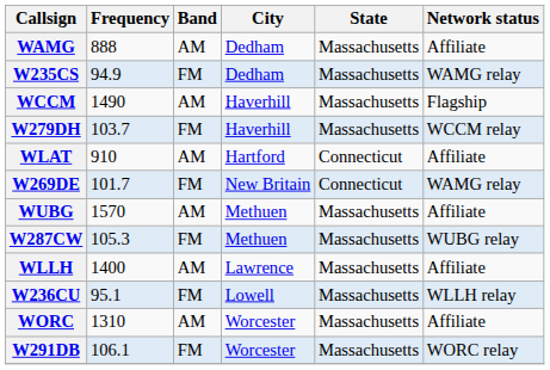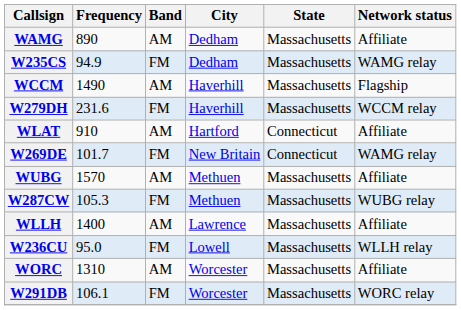 <table class="wikitable sortable">
 <tr>
 <th scope="col">Callsign</th>
 <th scope="col">Frequency</th>
 <th scope="col">Band</th>
 <th scope="col">City</th>
 <th scope="col">State</th>
 <th scope="col">Network status</th>
 </tr>
 <tr>
 <th scope = "row"><a href='#'>WAMG</a></th>
-<td data-sort-value=000890>888</td>
+<td data-sort-value=000890>890</td>
 <td>AM</td>
 <td><a href='#'>Dedham</a></td>
 <td>Massachusetts</td>
 <td>Affiliate</td>
 </tr>
 <tr style="background-color:#DFEBF6;">
 <th scope = "row"><a href='#'>W235CS</a></th>
 <td data-sort-value=094990>94.9</td>
 <td>FM</td>
 <td><a href='#'>Dedham</a></td>
 <td>Massachusetts</td>
 <td>WAMG relay</td>
 </tr>
 <tr>
 <th scope = "row"><a href='#'>WCCM</a></th>
 <td data-sort-value=001490>1490</td>
 <td>AM</td>
 <td><a href='#'>Haverhill</a></td>
 <td>Massachusetts</td>
 <td>Flagship</td>
 </tr>
 <tr style="background-color:#DFEBF6;">
 <th scope = "row"><a href='#'>W279DH</a></th>
-<td data-sort-value=103790>103.7</td>
+<td data-sort-value=103790>231.6</td>
 <td>FM</td>
 <td><a href='#'>Haverhill</a></td>
 <td>Massachusetts</td>
 <td>WCCM relay</td>
 </tr>
 <tr>
 <th scope = "row"><a href='#'>WLAT</a></th>
 <td data-sort-value=000910>910</td>
 <td>AM</td>
 <td><a href='#'>Hartford</a></td>
 <td>Connecticut</td>
 <td>Affiliate</td>
 </tr>
 <tr style="background-color:#DFEBF6;">
 <th scope = "row"><a href='#'>W269DE</a></th>
 <td data-sort-value=101790>101.7</td>
 <td>FM</td>
 <td><a href='#'>New Britain</a></td>
 <td>Connecticut</td>
 <td>WAMG relay</td>
 </tr>
 <tr>
 <th scope = "row"><a href='#'>WUBG</a></th>
 <td data-sort-value=001490>1570</td>
 <td>AM</td>
 <td><a href='#'>Methuen</a></td>
 <td>Massachusetts</td>
 <td>Affiliate</td>
 </tr>
 <tr style="background-color:#DFEBF6;">
 <th scope = "row"><a href='#'>W287CW</a></th>
 <td data-sort-value=103790>105.3</td>
 <td>FM</td>
 <td><a href='#'>Methuen</a></td>
 <td>Massachusetts</td>
 <td>WUBG relay</td>
 </tr>
 <tr>
 <th scope = "row"><a href='#'>WLLH</a></th>
 <td data-sort-value=001400>1400</td>
 <td>AM</td>
 <td><a href='#'>Lawrence</a></td>
 <td>Massachusetts</td>
 <td>Affiliate</td>
 </tr>
 <tr style="background-color:#DFEBF6;">
 <th scope = "row"><a href='#'>W236CU</a></th>
-<td data-sort-value=095190>95.1</td>
+<td data-sort-value=095190>95.0</td>
 <td>FM</td>
 <td><a href='#'>Lowell</a></td>
 <td>Massachusetts</td>
 <td>WLLH relay</td>
 </tr>
 <tr>
 <th scope = "row"><a href='#'>WORC</a></th>
 <td data-sort-value=001310>1310</td>
 <td>AM</td>
 <td><a href='#'>Worcester</a></td>
 <td>Massachusetts</td>
 <td>Affiliate</td>
 </tr>
 <tr style="background-color:#DFEBF6;">
 <th scope = "row"><a href='#'>W291DB</a></th>
 <td data-sort-value=106190>106.1</td>
 <td>FM</td>
 <td><a href='#'>Worcester</a></td>
 <td>Massachusetts</td>
 <td>WORC relay</td>
 </tr>
 <tr>
 </tr>
 </table>
